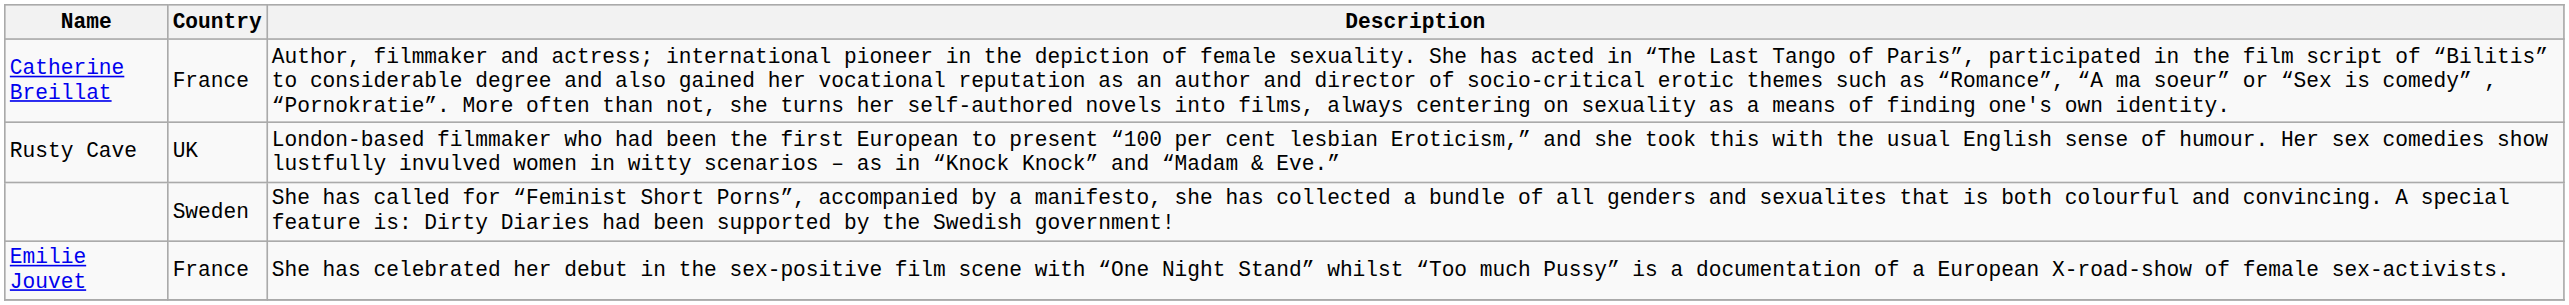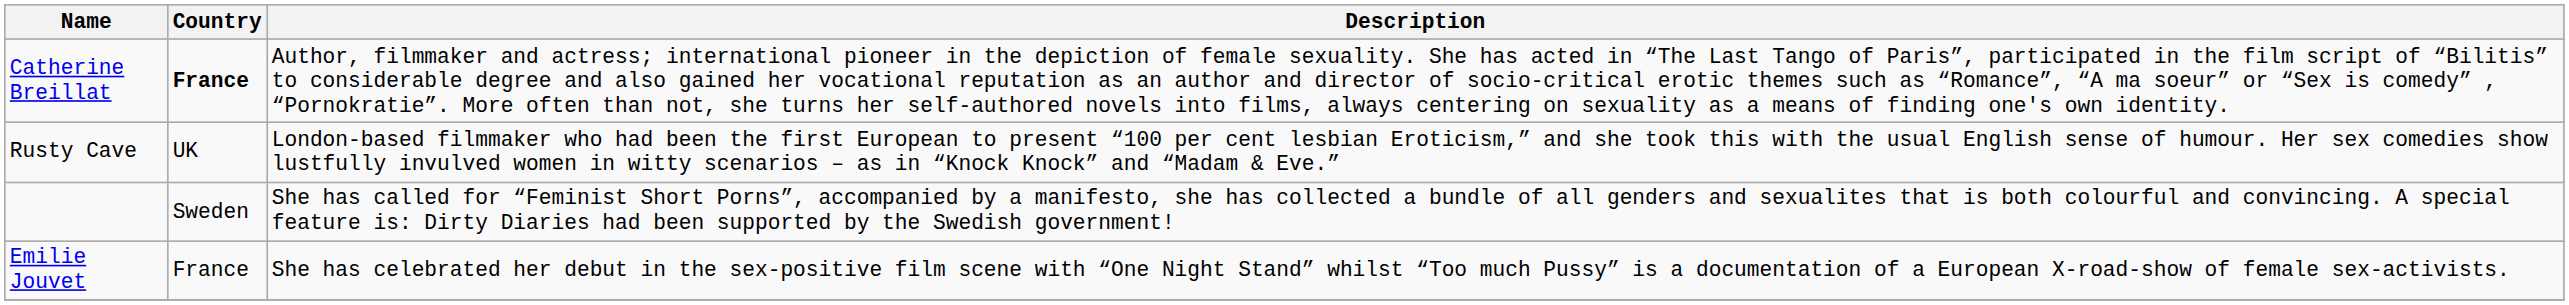 <table class="wikitable">
 <tr>
 <th>Name</th>
 <th>Country</th>
 <th>Description</th>
 </tr>
 <tr>
 <td><a href='#'>Catherine Breillat</a></td>
-<td>France</td>
+<td><strong>France</strong></td>
 <td>Author, filmmaker and actress; international pioneer in the depiction of female sexuality. She has acted in “The Last Tango of Paris”, participated in the film script of “Bilitis” to considerable degree and also gained her vocational reputation as an author and director of socio-critical erotic themes such as “Romance”, “A ma soeur” or “Sex is comedy” , “Pornokratie”. More often than not, she turns her self-authored novels into films, always centering on sexuality as a means of finding one's own identity.</td>
 </tr>
 <tr>
 <td>Rusty Cave</td>
 <td>UK</td>
 <td>London-based filmmaker who had been the first European to present “100 per cent lesbian Eroticism,” and she took this with the usual English sense of humour. Her sex comedies show lustfully invulved women in witty scenarios – as in “Knock Knock” and “Madam & Eve.”</td>
 </tr>
 <tr>
 <td></td>
 <td>Sweden</td>
 <td>She has called for “Feminist Short Porns”, accompanied by a manifesto, she has collected a bundle of all genders and sexualites that is both colourful and convincing. A special feature is: Dirty Diaries had been supported by the Swedish government!</td>
 </tr>
 <tr>
 <td><a href='#'>Emilie Jouvet</a></td>
 <td>France</td>
 <td>She has celebrated her debut in the sex-positive film scene with “One Night Stand” whilst “Too much Pussy” is a documentation of a European X-road-show of female sex-activists.</td>
 </tr>
 <tr>
 </tr>
 </table>
